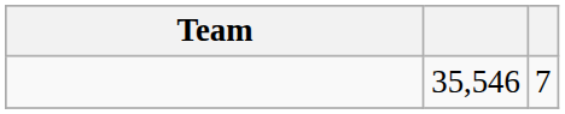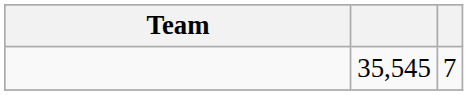 <table class="wikitable">
 <tr>
 <th width=200>Team</th>
 <th></th>
 <th></th>
 </tr>
 <tr>
 <td><strong></strong></td>
-<td align=right>35,546</td>
+<td align=right>35,545</td>
 <td align=center>7</td>
 </tr>
 </table>
